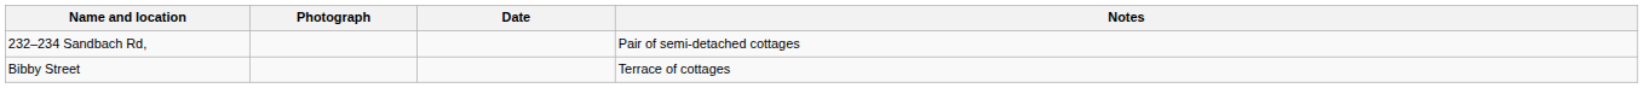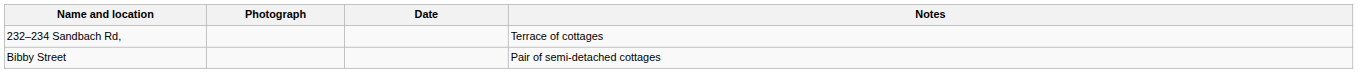 <table class="wikitable sortable plainrowheaders" style="width:100%;border:0px;text-align:left;line-height:150%;">
 <tr>
 <th scope="col"  style="width:150px">Name and location</th>
 <th scope="col"  style="width:100px" class="unsortable">Photograph</th>
 <th scope="col"  style="width:120px" class="unsortable">Date</th>
 <th scope="col"  style="width:650px" class="unsortable">Notes</th>
 </tr>
 <tr>
 <td>232–234 Sandbach Rd,<br><small></small></td>
 <td></td>
 <td></td>
-<td>Pair of semi-detached cottages</td>
+<td>Terrace of cottages</td>
 </tr>
 <tr>
 <td>Bibby Street<br><small></small></td>
 <td></td>
 <td></td>
-<td>Terrace of cottages</td>
+<td>Pair of semi-detached cottages</td>
 </tr>
 <tr>
 </tr>
 </table>
